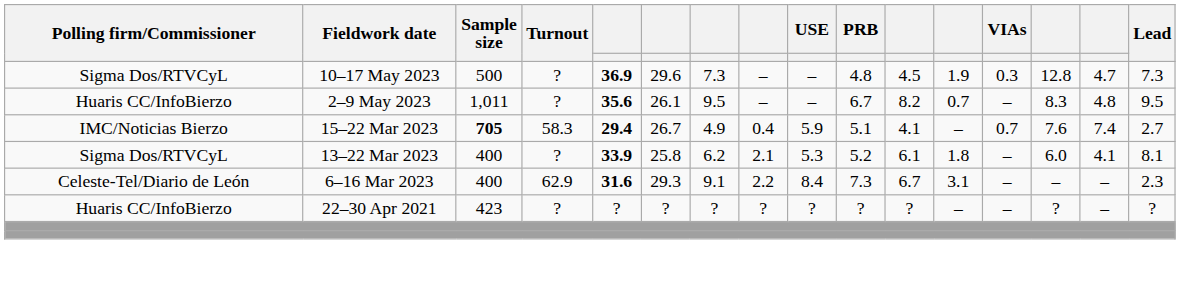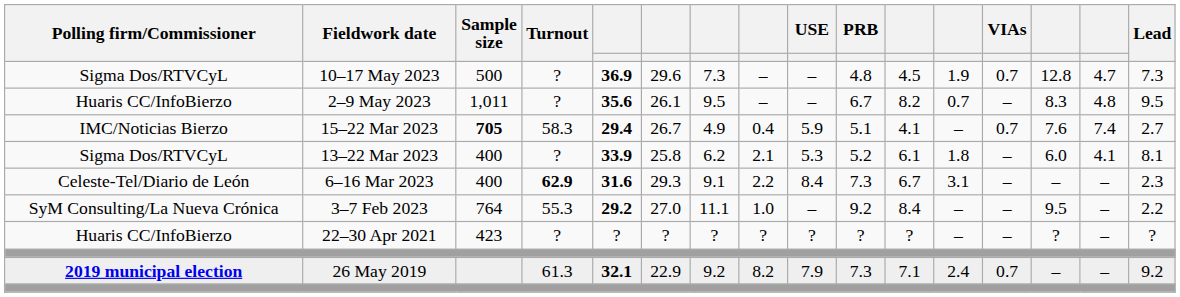 <table class="wikitable collapsible collapsed" style="text-align:center; font-size:95%; line-height:16px;">
 <tr style="height:42px;">
 <th style="width:250px;" rowspan="2">Polling firm/Commissioner</th>
 <th style="width:125px;" rowspan="2">Fieldwork date</th>
 <th style="width:50px;" rowspan="2">Sample size</th>
 <th style="width:45px;" rowspan="2">Turnout</th>
 <th style="width:35px;"></th>
 <th style="width:35px;"></th>
 <th style="width:35px;"></th>
 <th style="width:35px;"></th>
 <th style="width:35px;">USE</th>
 <th style="width:35px;">PRB</th>
 <th style="width:35px;"></th>
 <th style="width:35px;"></th>
 <th style="width:35px;">VIAs</th>
 <th style="width:35px;"></th>
 <th style="width:35px;"></th>
 <th style="width:30px;" rowspan="2">Lead</th>
 </tr>
 <tr>
 <th style="color:inherit;background:"></th>
 <th style="color:inherit;background:"></th>
 <th style="color:inherit;background:"></th>
 <th style="color:inherit;background:"></th>
 <th style="color:inherit;background:"></th>
 <th style="color:inherit;background:"></th>
 <th style="color:inherit;background:"></th>
 <th style="color:inherit;background:"></th>
 <th style="color:inherit;background:"></th>
 <th style="color:inherit;background:"></th>
 <th style="color:inherit;background:"></th>
 </tr>
 <tr>
 <td>Sigma Dos/RTVCyL</td>
 <td>10–17 May 2023</td>
 <td>500</td>
 <td>?</td>
 <td><strong>36.9</strong><br></td>
 <td>29.6<br></td>
 <td>7.3<br></td>
 <td>–</td>
 <td>–</td>
 <td>4.8<br></td>
 <td>4.5<br></td>
 <td>1.9<br></td>
-<td>0.3<br></td>
+<td>0.7<br></td>
 <td>12.8<br></td>
 <td>4.7<br></td>
 <td style="background:">7.3</td>
 </tr>
 <tr>
 <td>Huaris CC/InfoBierzo</td>
 <td>2–9 May 2023</td>
 <td>1,011</td>
 <td>?</td>
 <td><strong>35.6</strong><br></td>
 <td>26.1<br></td>
 <td>9.5<br></td>
 <td>–</td>
 <td>–</td>
 <td>6.7<br></td>
 <td>8.2<br></td>
 <td>0.7<br></td>
 <td>–</td>
 <td>8.3<br></td>
 <td>4.8<br></td>
 <td style="background:">9.5</td>
 </tr>
 <tr>
 <td>IMC/Noticias Bierzo</td>
 <td>15–22 Mar 2023</td>
 <td><strong>705</strong></td>
 <td>58.3</td>
 <td><strong>29.4</strong><br></td>
 <td>26.7<br></td>
 <td>4.9<br></td>
 <td>0.4<br></td>
 <td>5.9<br></td>
 <td>5.1<br></td>
 <td>4.1<br></td>
 <td>–</td>
 <td>0.7<br></td>
 <td>7.6<br></td>
 <td>7.4<br></td>
 <td style="background:">2.7</td>
 </tr>
 <tr>
 <td>Sigma Dos/RTVCyL</td>
 <td>13–22 Mar 2023</td>
 <td>400</td>
 <td>?</td>
 <td><strong>33.9</strong><br></td>
 <td>25.8<br></td>
 <td>6.2<br></td>
 <td>2.1<br></td>
 <td>5.3<br></td>
 <td>5.2<br></td>
 <td>6.1<br></td>
 <td>1.8<br></td>
 <td>–</td>
 <td>6.0<br></td>
 <td>4.1<br></td>
 <td style="background:">8.1</td>
 </tr>
 <tr>
 <td>Celeste-Tel/Diario de León</td>
 <td>6–16 Mar 2023</td>
 <td>400</td>
-<td>62.9</td>
+<td><strong>62.9</strong></td>
 <td><strong>31.6</strong><br></td>
 <td>29.3<br></td>
 <td>9.1<br></td>
 <td>2.2<br></td>
 <td>8.4<br></td>
 <td>7.3<br></td>
 <td>6.7<br></td>
 <td>3.1<br></td>
 <td>–</td>
 <td>–</td>
 <td>–</td>
 <td style="background:">2.3</td>
+</tr>
+<tr>
+<td>SyM Consulting/La Nueva Crónica</td>
+<td>3–7 Feb 2023</td>
+<td>764</td>
+<td>55.3</td>
+<td><strong>29.2</strong><br></td>
+<td>27.0<br></td>
+<td>11.1<br></td>
+<td>1.0<br></td>
+<td>–</td>
+<td>9.2<br></td>
+<td>8.4<br></td>
+<td>–</td>
+<td>–</td>
+<td>9.5<br></td>
+<td>–</td>
+<td style="background:">2.2</td>
 </tr>
 <tr>
 <td>Huaris CC/InfoBierzo</td>
 <td>22–30 Apr 2021</td>
 <td>423</td>
 <td>?</td>
 <td>?<br></td>
 <td>?<br></td>
 <td>?<br></td>
 <td>?<br></td>
 <td>?<br></td>
 <td>?<br></td>
 <td>?<br></td>
 <td>–</td>
 <td>–</td>
 <td>?<br></td>
 <td>–</td>
 <td style="background:">?</td>
 </tr>
 <tr>
 <td colspan="16" style="background:#A0A0A0"></td>
 </tr>
+<tr style="background:#EFEFEF;">
+<td><strong><a href='#'>2019 municipal election</a></strong></td>
+<td>26 May 2019</td>
+<td></td>
+<td>61.3</td>
+<td><strong>32.1</strong><br></td>
+<td>22.9<br></td>
+<td>9.2<br></td>
+<td>8.2<br></td>
+<td>7.9<br></td>
+<td>7.3<br></td>
+<td>7.1<br></td>
+<td>2.4<br></td>
+<td>0.7<br></td>
+<td>–</td>
+<td>–</td>
+<td style="background:">9.2</td>
+</tr>
 <tr>
 <td colspan="16" style="background:#A0A0A0"></td>
 </tr>
 </table>
